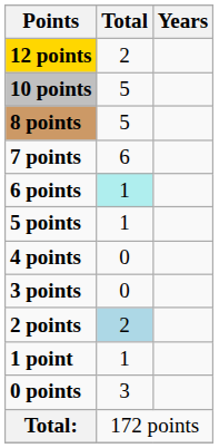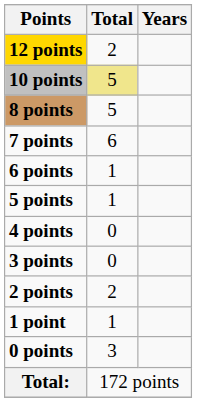 <table class="wikitable">
 <tr>
 </tr>
 <tr>
 <th>Points</th>
 <th>Total</th>
 <th>Years</th>
 </tr>
 <tr>
 <td style="background:gold"><strong>12 points</strong></td>
 <td style="text-align:center">2</td>
 <td></td>
 </tr>
 <tr>
 <td style="background:silver"><strong>10 points</strong></td>
-<td style="text-align:center">5</td>
+<td style="background: khaki; text-align:center">5</td>
 <td></td>
 </tr>
 <tr>
 <td style="background:#CC9966"><strong>8 points</strong></td>
 <td style="text-align:center">5</td>
 <td></td>
 </tr>
 <tr>
 <td><strong>7 points</strong></td>
 <td style="text-align:center">6</td>
 <td></td>
 </tr>
 <tr>
 <td><strong>6 points</strong></td>
-<td style="background: paleturquoise; text-align:center">1</td>
+<td style="text-align:center">1</td>
 <td></td>
 </tr>
 <tr>
 <td><strong>5 points</strong></td>
 <td style="text-align:center">1</td>
 <td></td>
 </tr>
 <tr>
 <td><strong>4 points</strong></td>
 <td style="text-align:center">0</td>
 <td></td>
 </tr>
 <tr>
 <td><strong>3 points</strong></td>
 <td style="text-align:center">0</td>
 <td></td>
 </tr>
 <tr>
 <td><strong>2 points</strong></td>
-<td style="background: lightblue; text-align:center">2</td>
+<td style="text-align:center">2</td>
 <td></td>
 </tr>
 <tr>
 <td><strong>1 point</strong></td>
 <td style="text-align:center">1</td>
 <td></td>
 </tr>
 <tr>
 <td><strong>0 points</strong></td>
 <td style="text-align:center">3</td>
 <td></td>
 </tr>
 <tr>
 <th>Total:</th>
 <td colspan="2" style="text-align:center">172 points</td>
 </tr>
 <tr>
 </tr>
 </table>
